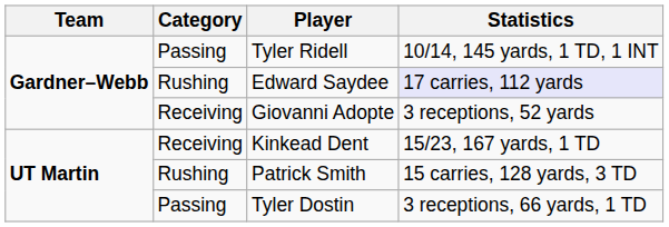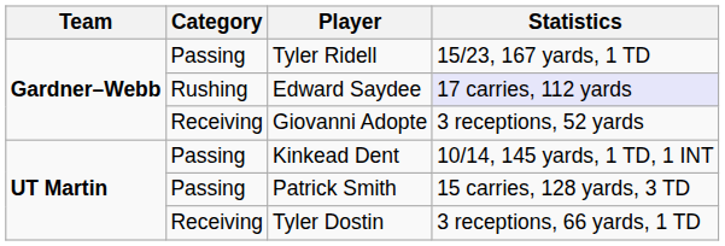 <table class="wikitable" style="float: right;">
 <tr>
 <th>Team</th>
 <th>Category</th>
 <th>Player</th>
 <th>Statistics</th>
 </tr>
 <tr>
 <td rowspan=3><strong>Gardner–Webb</strong></td>
 <td>Passing</td>
 <td>Tyler Ridell</td>
-<td>10/14, 145 yards, 1 TD, 1 INT</td>
+<td>15/23, 167 yards, 1 TD</td>
 </tr>
 <tr>
 <td>Rushing</td>
 <td>Edward Saydee</td>
 <td style="background: lavender;">17 carries, 112 yards</td>
 </tr>
 <tr>
 <td>Receiving</td>
 <td>Giovanni Adopte</td>
 <td>3 receptions, 52 yards</td>
 </tr>
 <tr>
 <td rowspan=3><strong>UT Martin</strong></td>
-<td>Receiving</td>
+<td>Passing</td>
 <td>Kinkead Dent</td>
-<td>15/23, 167 yards, 1 TD</td>
+<td>10/14, 145 yards, 1 TD, 1 INT</td>
 </tr>
 <tr>
-<td>Rushing</td>
+<td>Passing</td>
 <td>Patrick Smith</td>
 <td>15 carries, 128 yards, 3 TD</td>
 </tr>
 <tr>
-<td>Passing</td>
+<td>Receiving</td>
 <td>Tyler Dostin</td>
 <td>3 receptions, 66 yards, 1 TD</td>
 </tr>
 </table>
